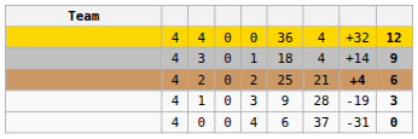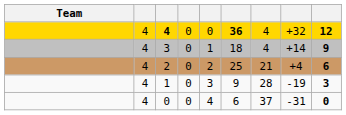 <table class="wikitable" style="text-align:center;">
 <tr>
 <th width=150>Team</th>
 <th width=20></th>
 <th width=20></th>
 <th width=20></th>
 <th width=20></th>
 <th width=30></th>
 <th width=30></th>
 <th width=30></th>
 <th width=30></th>
 </tr>
 <tr bgcolor=gold>
 <td align="left"></td>
 <td>4</td>
-<td>4</td>
+<td><strong>4</strong></td>
 <td>0</td>
 <td>0</td>
-<td>36</td>
+<td><strong>36</strong></td>
 <td>4</td>
 <td>+32</td>
 <td><strong>12</strong></td>
 </tr>
 <tr bgcolor=silver>
 <td align="left"></td>
 <td>4</td>
 <td>3</td>
 <td>0</td>
 <td>1</td>
 <td>18</td>
 <td>4</td>
 <td>+14</td>
 <td><strong>9</strong></td>
 </tr>
 <tr bgcolor=#cc9966>
 <td align="left"></td>
 <td>4</td>
 <td>2</td>
 <td>0</td>
 <td>2</td>
 <td>25</td>
 <td>21</td>
-<td><strong>+4</strong></td>
+<td>+4</td>
 <td><strong>6</strong></td>
 </tr>
 <tr bgcolor=>
 <td align="left"></td>
 <td>4</td>
 <td>1</td>
 <td>0</td>
 <td>3</td>
 <td>9</td>
 <td>28</td>
 <td>-19</td>
 <td><strong>3</strong></td>
 </tr>
 <tr bgcolor=>
 <td align="left"></td>
 <td>4</td>
 <td>0</td>
 <td>0</td>
 <td>4</td>
 <td>6</td>
 <td>37</td>
 <td>-31</td>
 <td><strong>0</strong></td>
 </tr>
 </table>
